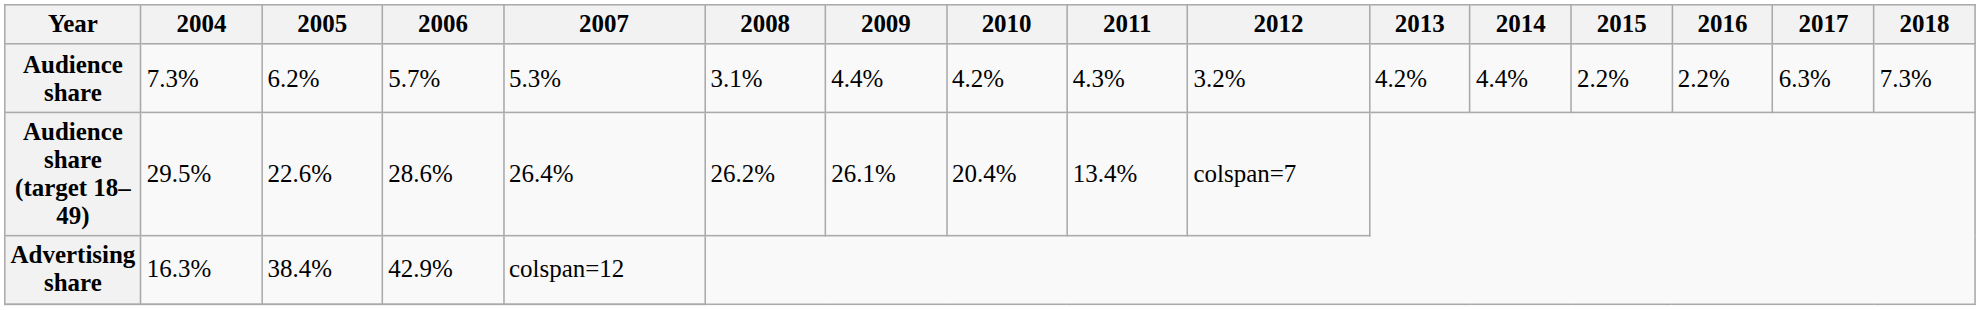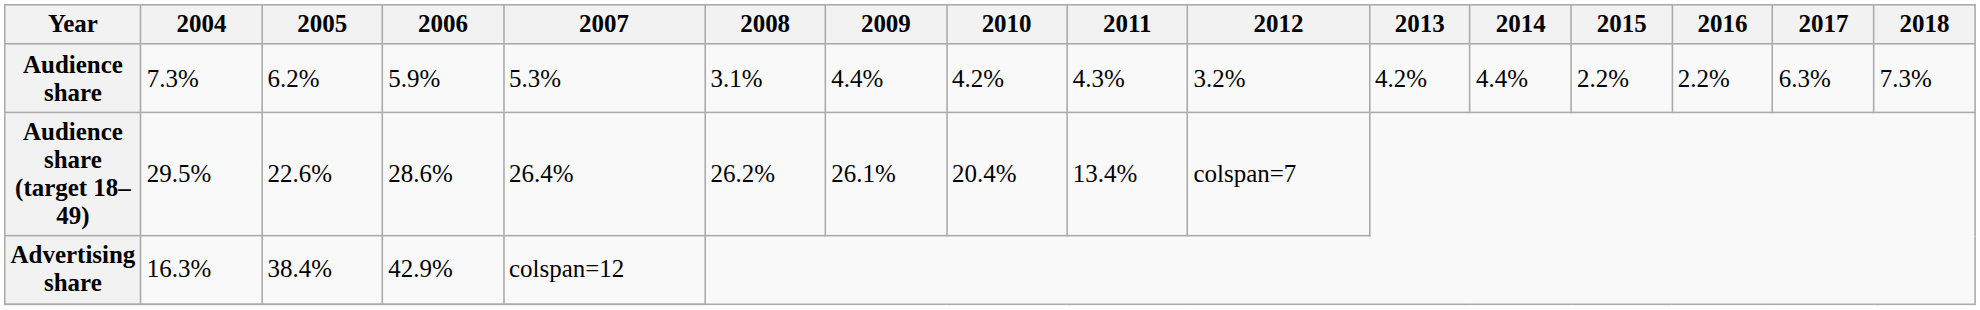 <table class="wikitable" style="width:100%; margin:auto;">
 <tr>
 <th width="35px">Year</th>
 <th>2004</th>
 <th>2005</th>
 <th>2006</th>
 <th>2007</th>
 <th>2008</th>
 <th>2009</th>
 <th>2010</th>
 <th>2011</th>
 <th>2012</th>
 <th>2013</th>
 <th>2014</th>
 <th>2015</th>
 <th>2016</th>
 <th>2017</th>
 <th>2018</th>
 </tr>
 <tr>
 <th width="50px">Audience share</th>
 <td>7.3%</td>
 <td>6.2%</td>
-<td>5.7%</td>
+<td>5.9%</td>
 <td>5.3%</td>
 <td>3.1%</td>
 <td>4.4%</td>
 <td>4.2%</td>
 <td>4.3%</td>
 <td>3.2%</td>
 <td>4.2%</td>
 <td>4.4%</td>
 <td>2.2%</td>
 <td>2.2%</td>
 <td>6.3%</td>
 <td>7.3%</td>
 </tr>
 <tr>
 <th width="50px">Audience share (target 18–49)</th>
 <td>29.5%</td>
 <td>22.6%</td>
 <td>28.6%</td>
 <td>26.4%</td>
 <td>26.2%</td>
 <td>26.1%</td>
 <td>20.4%</td>
 <td>13.4%</td>
 <td>colspan=7 <center></center></td>
 </tr>
 <tr>
 <th width="50px">Advertising share</th>
 <td>16.3%</td>
 <td>38.4%</td>
 <td>42.9%</td>
 <td>colspan=12<center></center></td>
 </tr>
 <tr>
 </tr>
 </table>
